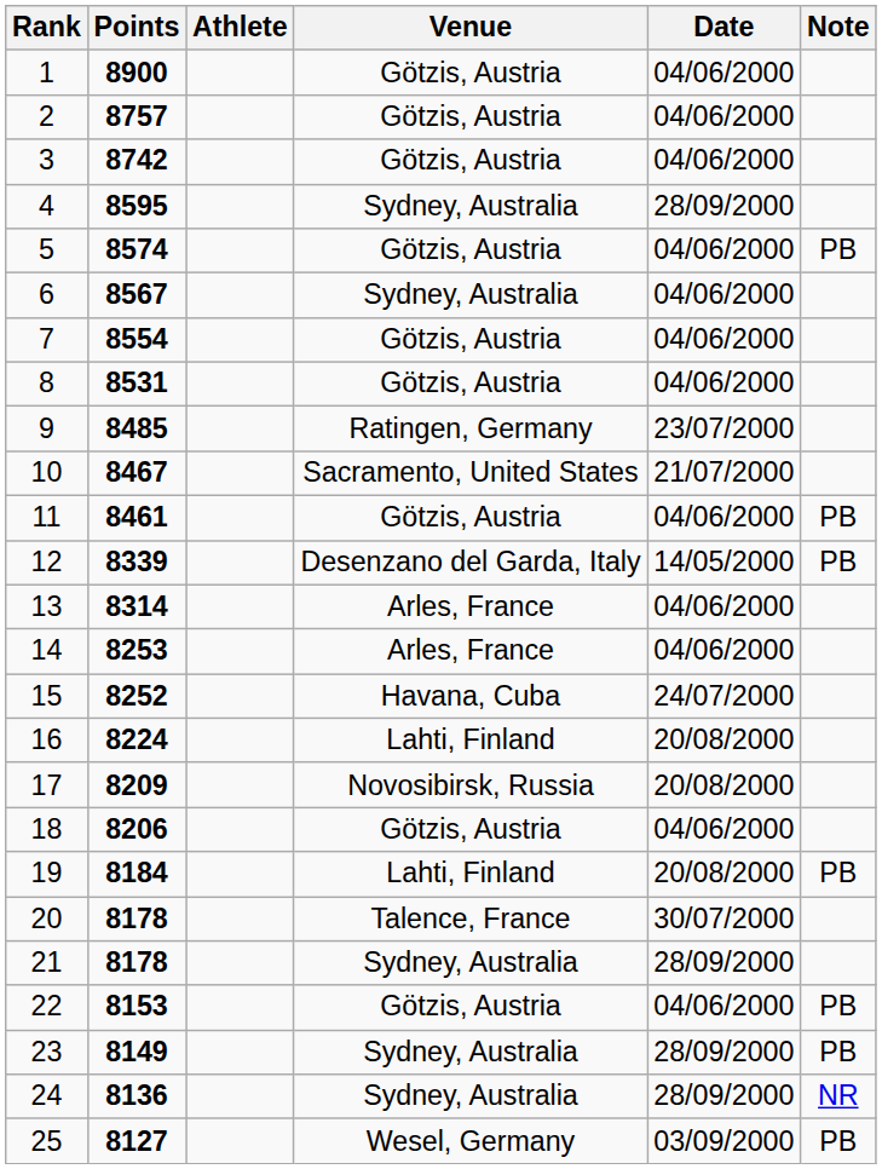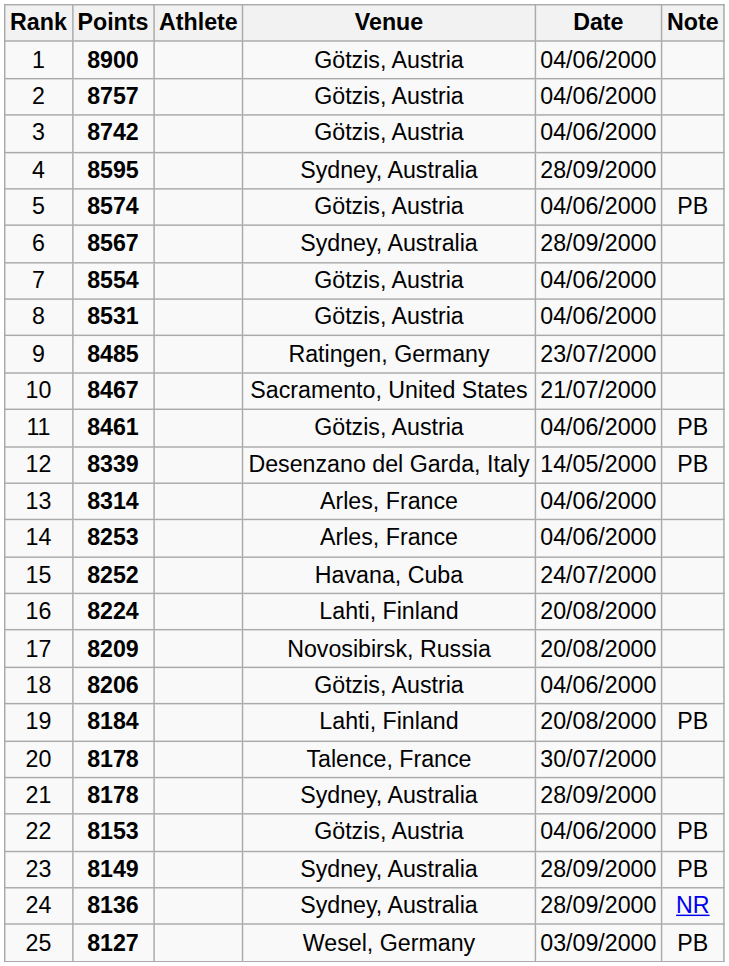 <table class="wikitable" style=" text-align:center;">
 <tr>
 <th>Rank</th>
 <th>Points</th>
 <th>Athlete</th>
 <th>Venue</th>
 <th>Date</th>
 <th>Note</th>
 </tr>
 <tr>
 <td>1</td>
 <td><strong>8900</strong></td>
 <td align=left></td>
 <td>Götzis, Austria</td>
 <td>04/06/2000</td>
 <td></td>
 </tr>
 <tr>
 <td>2</td>
 <td><strong>8757</strong></td>
 <td align=left></td>
 <td>Götzis, Austria</td>
 <td>04/06/2000</td>
 <td></td>
 </tr>
 <tr>
 <td>3</td>
 <td><strong>8742</strong></td>
 <td align=left></td>
 <td>Götzis, Austria</td>
 <td>04/06/2000</td>
 <td></td>
 </tr>
 <tr>
 <td>4</td>
 <td><strong>8595</strong></td>
 <td align=left></td>
 <td>Sydney, Australia</td>
 <td>28/09/2000</td>
 <td></td>
 </tr>
 <tr>
 <td>5</td>
 <td><strong>8574</strong></td>
 <td align=left></td>
 <td>Götzis, Austria</td>
 <td>04/06/2000</td>
 <td>PB</td>
 </tr>
 <tr>
 <td>6</td>
 <td><strong>8567</strong></td>
 <td align=left></td>
 <td>Sydney, Australia</td>
-<td>04/06/2000</td>
+<td>28/09/2000</td>
 <td></td>
 </tr>
 <tr>
 <td>7</td>
 <td><strong>8554</strong></td>
 <td align=left></td>
 <td>Götzis, Austria</td>
 <td>04/06/2000</td>
 <td></td>
 </tr>
 <tr>
 <td>8</td>
 <td><strong>8531</strong></td>
 <td align=left></td>
 <td>Götzis, Austria</td>
 <td>04/06/2000</td>
 <td></td>
 </tr>
 <tr>
 <td>9</td>
 <td><strong>8485</strong></td>
 <td align=left></td>
 <td>Ratingen, Germany</td>
 <td>23/07/2000</td>
 <td></td>
 </tr>
 <tr>
 <td>10</td>
 <td><strong>8467</strong></td>
 <td align=left></td>
 <td>Sacramento, United States</td>
 <td>21/07/2000</td>
 <td></td>
 </tr>
 <tr>
 <td>11</td>
 <td><strong>8461</strong></td>
 <td align=left></td>
 <td>Götzis, Austria</td>
 <td>04/06/2000</td>
 <td>PB</td>
 </tr>
 <tr>
 <td>12</td>
 <td><strong>8339</strong></td>
 <td align=left></td>
 <td>Desenzano del Garda, Italy</td>
 <td>14/05/2000</td>
 <td>PB</td>
 </tr>
 <tr>
 <td>13</td>
 <td><strong>8314</strong></td>
 <td align=left></td>
 <td>Arles, France</td>
 <td>04/06/2000</td>
 <td></td>
 </tr>
 <tr>
 <td>14</td>
 <td><strong>8253</strong></td>
 <td align=left></td>
 <td>Arles, France</td>
 <td>04/06/2000</td>
 <td></td>
 </tr>
 <tr>
 <td>15</td>
 <td><strong>8252</strong></td>
 <td align=left></td>
 <td>Havana, Cuba</td>
 <td>24/07/2000</td>
 <td></td>
 </tr>
 <tr>
 <td>16</td>
 <td><strong>8224</strong></td>
 <td align=left></td>
 <td>Lahti, Finland</td>
 <td>20/08/2000</td>
 <td></td>
 </tr>
 <tr>
 <td>17</td>
 <td><strong>8209</strong></td>
 <td align=left></td>
 <td>Novosibirsk, Russia</td>
 <td>20/08/2000</td>
 <td></td>
 </tr>
 <tr>
 <td>18</td>
 <td><strong>8206</strong></td>
 <td align=left></td>
 <td>Götzis, Austria</td>
 <td>04/06/2000</td>
 <td></td>
 </tr>
 <tr>
 <td>19</td>
 <td><strong>8184</strong></td>
 <td align=left></td>
 <td>Lahti, Finland</td>
 <td>20/08/2000</td>
 <td>PB</td>
 </tr>
 <tr>
 <td>20</td>
 <td><strong>8178</strong></td>
 <td align=left></td>
 <td>Talence, France</td>
 <td>30/07/2000</td>
 <td></td>
 </tr>
 <tr>
 <td>21</td>
 <td><strong>8178</strong></td>
 <td align=left></td>
 <td>Sydney, Australia</td>
 <td>28/09/2000</td>
 <td></td>
 </tr>
 <tr>
 <td>22</td>
 <td><strong>8153</strong></td>
 <td align=left></td>
 <td>Götzis, Austria</td>
 <td>04/06/2000</td>
 <td>PB</td>
 </tr>
 <tr>
 <td>23</td>
 <td><strong>8149</strong></td>
 <td align=left></td>
 <td>Sydney, Australia</td>
 <td>28/09/2000</td>
 <td>PB</td>
 </tr>
 <tr>
 <td>24</td>
 <td><strong>8136</strong></td>
 <td align=left></td>
 <td>Sydney, Australia</td>
 <td>28/09/2000</td>
 <td><a href='#'>NR</a></td>
 </tr>
 <tr>
 <td>25</td>
 <td><strong>8127</strong></td>
 <td align=left></td>
 <td>Wesel, Germany</td>
 <td>03/09/2000</td>
 <td>PB</td>
 </tr>
 </table>
